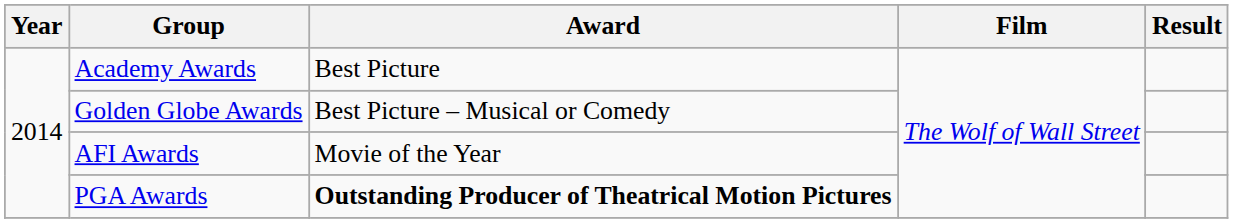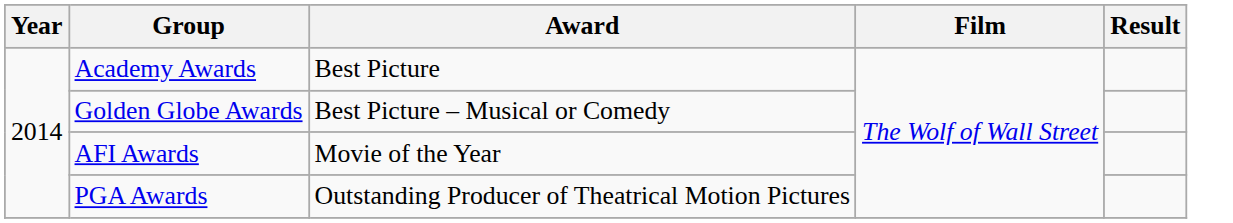 <table style="font-size: 90%;" class="wikitable">
 <tr>
 <th>Year</th>
 <th>Group</th>
 <th>Award</th>
 <th>Film</th>
 <th>Result</th>
 </tr>
 <tr>
 <td rowspan=4>2014</td>
 <td><a href='#'>Academy Awards</a></td>
 <td>Best Picture</td>
 <td rowspan=4><em><a href='#'>The Wolf of Wall Street</a></em></td>
 <td></td>
 </tr>
 <tr>
 <td><a href='#'>Golden Globe Awards</a></td>
 <td>Best Picture – Musical or Comedy</td>
 <td></td>
 </tr>
 <tr>
 <td><a href='#'>AFI Awards</a></td>
 <td>Movie of the Year</td>
 <td></td>
 </tr>
 <tr>
 <td><a href='#'>PGA Awards</a></td>
-<td><strong>Outstanding Producer of Theatrical Motion Pictures</strong></td>
+<td>Outstanding Producer of Theatrical Motion Pictures</td>
 <td></td>
 </tr>
 </table>
